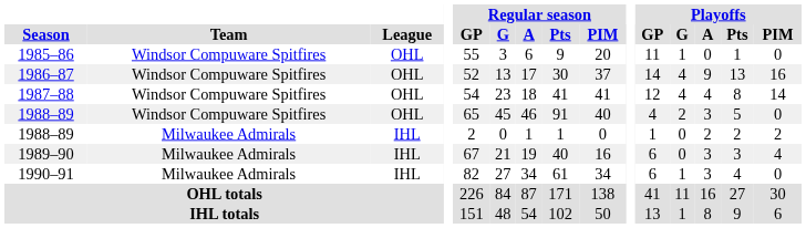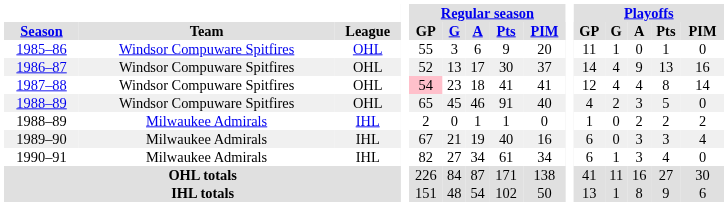 <table border="0" cellpadding="1" cellspacing="0" style="text-align:center; width:50em;">
 <tr bgcolor="#e0e0e0">
 <th colspan="3" bgcolor="#ffffff"> </th>
 <th rowspan="99" bgcolor="#ffffff"> </th>
 <th colspan="5"><a href='#'>Regular season</a></th>
 <th rowspan="99" bgcolor="#ffffff"> </th>
 <th colspan="5"><a href='#'>Playoffs</a></th>
 </tr>
 <tr bgcolor="#e0e0e0">
 <th><a href='#'>Season</a></th>
 <th>Team</th>
 <th>League</th>
 <th>GP</th>
 <th><a href='#'>G</a></th>
 <th><a href='#'>A</a></th>
 <th><a href='#'>Pts</a></th>
 <th><a href='#'>PIM</a></th>
 <th>GP</th>
 <th>G</th>
 <th>A</th>
 <th>Pts</th>
 <th>PIM</th>
 </tr>
 <tr>
 <td><a href='#'>1985–86</a></td>
 <td><a href='#'>Windsor Compuware Spitfires</a></td>
 <td><a href='#'>OHL</a></td>
 <td>55</td>
 <td>3</td>
 <td>6</td>
 <td>9</td>
 <td>20</td>
 <td>11</td>
 <td>1</td>
 <td>0</td>
 <td>1</td>
 <td>0</td>
 </tr>
 <tr bgcolor="#f0f0f0">
 <td><a href='#'>1986–87</a></td>
 <td>Windsor Compuware Spitfires</td>
 <td>OHL</td>
 <td>52</td>
 <td>13</td>
 <td>17</td>
 <td>30</td>
 <td>37</td>
 <td>14</td>
 <td>4</td>
 <td>9</td>
 <td>13</td>
 <td>16</td>
 </tr>
 <tr>
 <td><a href='#'>1987–88</a></td>
 <td>Windsor Compuware Spitfires</td>
 <td>OHL</td>
-<td>54</td>
+<td style="background: pink;">54</td>
 <td>23</td>
 <td>18</td>
 <td>41</td>
 <td>41</td>
 <td>12</td>
 <td>4</td>
 <td>4</td>
 <td>8</td>
 <td>14</td>
 </tr>
 <tr bgcolor="#f0f0f0">
 <td><a href='#'>1988–89</a></td>
 <td>Windsor Compuware Spitfires</td>
 <td>OHL</td>
 <td>65</td>
 <td>45</td>
 <td>46</td>
 <td>91</td>
 <td>40</td>
 <td>4</td>
 <td>2</td>
 <td>3</td>
 <td>5</td>
 <td>0</td>
 </tr>
 <tr>
 <td>1988–89</td>
 <td><a href='#'>Milwaukee Admirals</a></td>
 <td><a href='#'>IHL</a></td>
 <td>2</td>
 <td>0</td>
 <td>1</td>
 <td>1</td>
 <td>0</td>
 <td>1</td>
 <td>0</td>
 <td>2</td>
 <td>2</td>
 <td>2</td>
 </tr>
 <tr bgcolor="#f0f0f0">
 <td>1989–90</td>
 <td>Milwaukee Admirals</td>
 <td>IHL</td>
 <td>67</td>
 <td>21</td>
 <td>19</td>
 <td>40</td>
 <td>16</td>
 <td>6</td>
 <td>0</td>
 <td>3</td>
 <td>3</td>
 <td>4</td>
 </tr>
 <tr>
 <td>1990–91</td>
 <td>Milwaukee Admirals</td>
 <td>IHL</td>
 <td>82</td>
 <td>27</td>
 <td>34</td>
 <td>61</td>
 <td>34</td>
 <td>6</td>
 <td>1</td>
 <td>3</td>
 <td>4</td>
 <td>0</td>
 </tr>
 <tr bgcolor="#e0e0e0">
 <th colspan="3">OHL totals</th>
 <td>226</td>
 <td>84</td>
 <td>87</td>
 <td>171</td>
 <td>138</td>
 <td>41</td>
 <td>11</td>
 <td>16</td>
 <td>27</td>
 <td>30</td>
 </tr>
 <tr bgcolor="#e0e0e0">
 <th colspan="3">IHL totals</th>
 <td>151</td>
 <td>48</td>
 <td>54</td>
 <td>102</td>
 <td>50</td>
 <td>13</td>
 <td>1</td>
 <td>8</td>
 <td>9</td>
 <td>6</td>
 </tr>
 </table>
